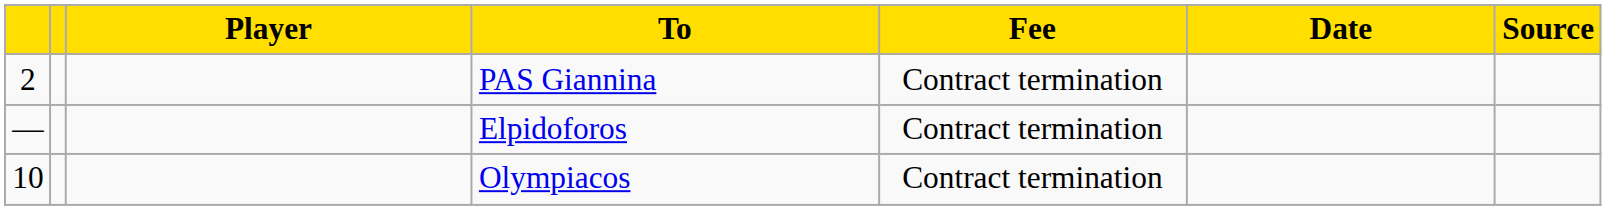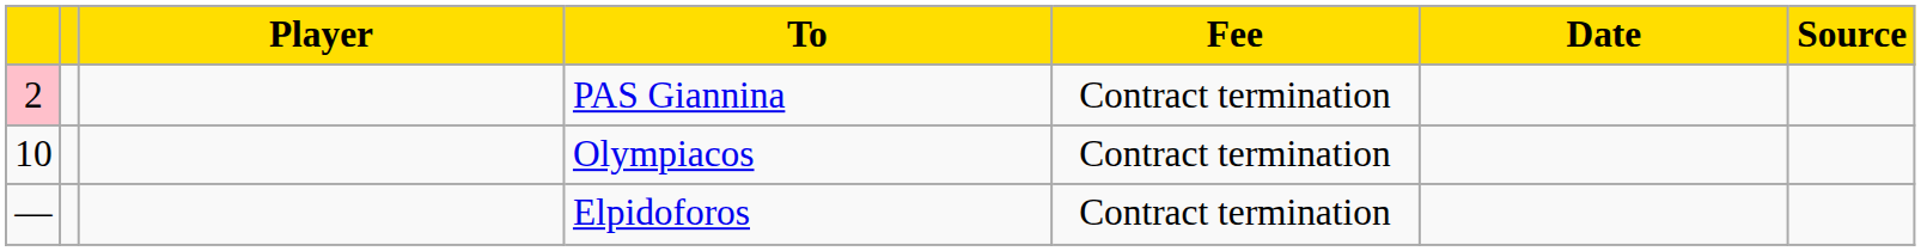 <table class="wikitable sortable">
 <tr>
 <th style="background:#FFDE00"></th>
 <th style="background:#FFDE00"></th>
 <th width=200 style="background:#FFDE00">Player</th>
 <th width=200 style="background:#FFDE00">To</th>
 <th width=150 style="background:#FFDE00">Fee</th>
 <th width=150 style="background:#FFDE00">Date</th>
 <th style="background:#FFDE00">Source</th>
 </tr>
 <tr>
-<td align=center>2</td>
+<td align=center style="background: pink;">2</td>
 <td align=center></td>
 <td></td>
 <td> <a href='#'>PAS Giannina</a></td>
+<td align=center>Contract termination</td>
+<td align=center></td>
+<td align=center></td>
+</tr>
+<tr>
+<td align=center>10</td>
+<td align=center></td>
+<td></td>
+<td> <a href='#'>Olympiacos</a></td>
 <td align=center>Contract termination</td>
 <td align=center></td>
 <td align=center></td>
 </tr>
 <tr>
 <td align=center>—</td>
 <td align=center></td>
 <td></td>
 <td> <a href='#'>Elpidoforos</a></td>
 <td align=center>Contract termination</td>
 <td align=center></td>
 <td align=center></td>
 </tr>
-<tr>
-<td align=center>10</td>
-<td align=center></td>
-<td></td>
-<td> <a href='#'>Olympiacos</a></td>
-<td align=center>Contract termination</td>
-<td align=center></td>
-<td align=center></td>
-</tr>
 </table>
